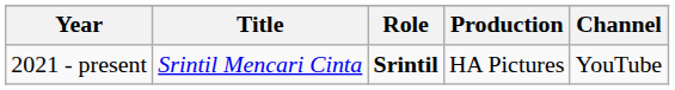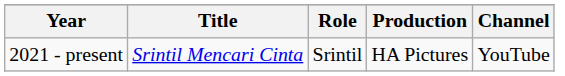 <table class="wikitable" style="font-size:90%">
 <tr bgcolor="#CCCCCC" align="center">
 </tr>
 <tr white="#CCCCCC" align="center">
 <th>Year</th>
 <th>Title</th>
 <th>Role</th>
 <th>Production</th>
 <th>Channel</th>
 </tr>
 <tr>
 <td align="center">2021 - present</td>
 <td><em><a href='#'>Srintil Mencari Cinta</a></em></td>
-<td><strong>Srintil</strong></td>
+<td>Srintil</td>
 <td>HA Pictures</td>
 <td>YouTube</td>
 </tr>
 </table>
